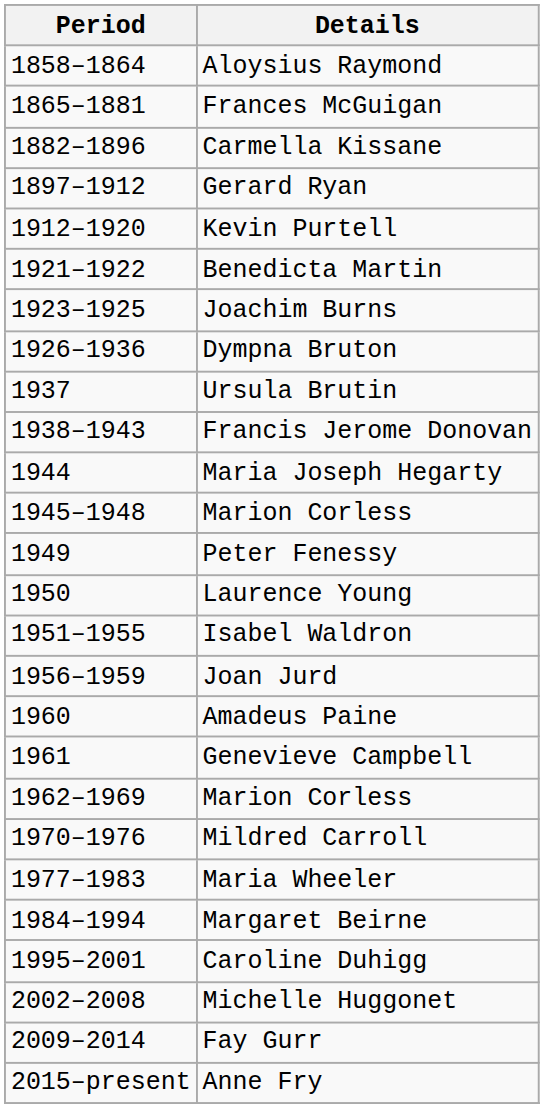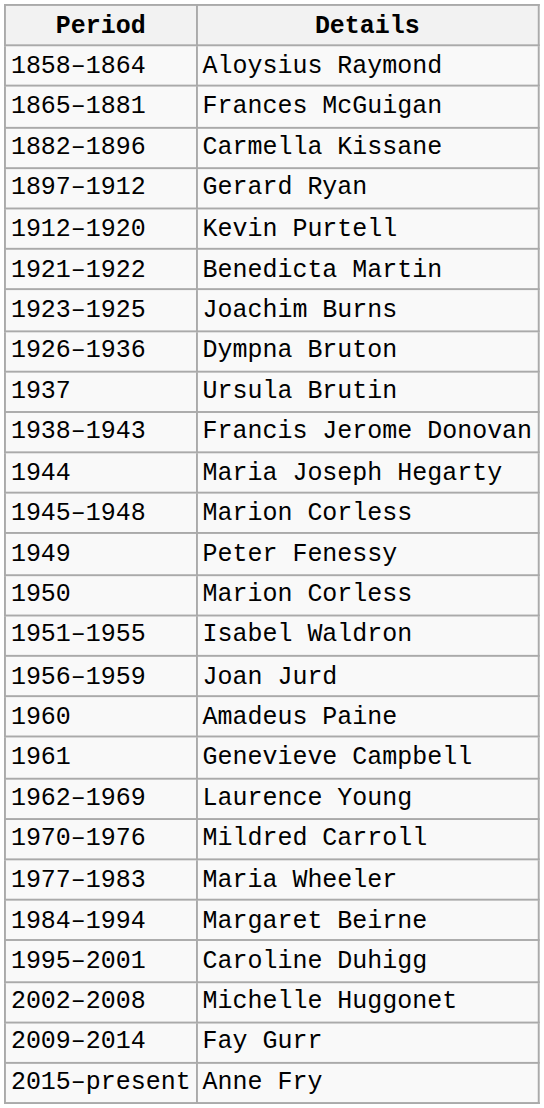 <table class="wikitable">
 <tr>
 <th>Period</th>
 <th>Details</th>
 </tr>
 <tr>
 <td>1858–1864</td>
 <td>Aloysius Raymond</td>
 </tr>
 <tr>
 <td>1865–1881</td>
 <td>Frances McGuigan</td>
 </tr>
 <tr>
 <td>1882–1896</td>
 <td>Carmella Kissane</td>
 </tr>
 <tr>
 <td>1897–1912</td>
 <td>Gerard Ryan</td>
 </tr>
 <tr>
 <td>1912–1920</td>
 <td>Kevin Purtell</td>
 </tr>
 <tr>
 <td>1921–1922</td>
 <td>Benedicta Martin</td>
 </tr>
 <tr>
 <td>1923–1925</td>
 <td>Joachim Burns</td>
 </tr>
 <tr>
 <td>1926–1936</td>
 <td>Dympna Bruton</td>
 </tr>
 <tr>
 <td>1937</td>
 <td>Ursula Brutin</td>
 </tr>
 <tr>
 <td>1938–1943</td>
 <td>Francis Jerome Donovan</td>
 </tr>
 <tr>
 <td>1944</td>
 <td>Maria Joseph Hegarty</td>
 </tr>
 <tr>
 <td>1945–1948</td>
 <td>Marion Corless</td>
 </tr>
 <tr>
 <td>1949</td>
 <td>Peter Fenessy</td>
 </tr>
 <tr>
 <td>1950</td>
-<td>Laurence Young</td>
+<td>Marion Corless</td>
 </tr>
 <tr>
 <td>1951–1955</td>
 <td>Isabel Waldron</td>
 </tr>
 <tr>
 <td>1956–1959</td>
 <td>Joan Jurd</td>
 </tr>
 <tr>
 <td>1960</td>
 <td>Amadeus Paine</td>
 </tr>
 <tr>
 <td>1961</td>
 <td>Genevieve Campbell</td>
 </tr>
 <tr>
 <td>1962–1969</td>
-<td>Marion Corless</td>
+<td>Laurence Young</td>
 </tr>
 <tr>
 <td>1970–1976</td>
 <td>Mildred Carroll</td>
 </tr>
 <tr>
 <td>1977–1983</td>
 <td>Maria Wheeler</td>
 </tr>
 <tr>
 <td>1984–1994</td>
 <td>Margaret Beirne</td>
 </tr>
 <tr>
 <td>1995–2001</td>
 <td>Caroline Duhigg</td>
 </tr>
 <tr>
 <td>2002–2008</td>
 <td>Michelle Huggonet</td>
 </tr>
 <tr>
 <td>2009–2014</td>
 <td>Fay Gurr</td>
 </tr>
 <tr>
 <td>2015–present</td>
 <td>Anne Fry</td>
 </tr>
 <tr>
 </tr>
 </table>
